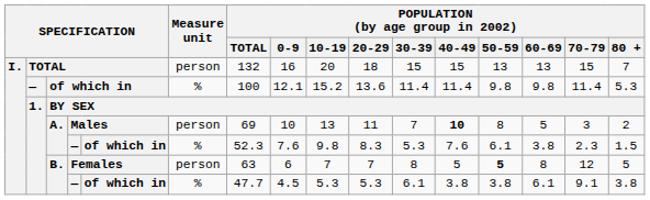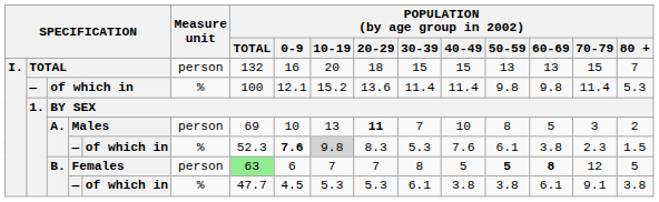 <table class="wikitable" style="font-size:85%; text-align:center">
 <tr>
 <th rowspan="2" colspan="5">SPECIFICATION</th>
 <th rowspan="2">Measure<br> unit</th>
 <th colspan="10" rowspan="1">POPULATION<br> (by age group in 2002)</th>
 </tr>
 <tr>
 <th>TOTAL</th>
 <th>0-9</th>
 <th>10-19</th>
 <th>20-29</th>
 <th>30-39</th>
 <th>40-49</th>
 <th>50-59</th>
 <th>60-69</th>
 <th>70-79</th>
 <th>80 +</th>
 </tr>
 <tr>
 <th style="text-align:left" valign="top" rowspan="7">I.</th>
 <th style="text-align:left" colspan="4">TOTAL</th>
 <td>person</td>
 <td>132</td>
 <td>16</td>
 <td>20</td>
 <td>18</td>
 <td>15</td>
 <td>15</td>
 <td>13</td>
 <td>13</td>
 <td>15</td>
 <td>7</td>
 </tr>
 <tr>
 <th style="text-align:left" valign="top">—</th>
 <th style="text-align:left" colspan="3">of which in</th>
 <td>%</td>
 <td>100</td>
 <td>12.1</td>
 <td>15.2</td>
 <td>13.6</td>
 <td>11.4</td>
 <td>11.4</td>
 <td>9.8</td>
 <td>9.8</td>
 <td>11.4</td>
 <td>5.3</td>
 </tr>
 <tr>
 <th style="text-align:left" valign="top" rowspan="5">1.</th>
 <th style="text-align:left" colspan="14">BY SEX</th>
 </tr>
 <tr>
 <th style="text-align:left" valign="top" rowspan="2">A.</th>
 <th style="text-align:left" colspan="2">Males</th>
 <td>person</td>
 <td>69</td>
 <td>10</td>
 <td>13</td>
-<td>11</td>
+<td><strong>11</strong></td>
 <td>7</td>
-<td><strong>10</strong></td>
+<td>10</td>
 <td>8</td>
 <td>5</td>
 <td>3</td>
 <td>2</td>
 </tr>
 <tr>
 <th style="text-align:left" valign="top">—</th>
 <th style="text-align:left" colspan="1">of which in</th>
 <td>%</td>
 <td>52.3</td>
-<td>7.6</td>
-<td>9.8</td>
+<td><strong>7.6</strong></td>
+<td style="background: lightgrey;">9.8</td>
 <td>8.3</td>
 <td>5.3</td>
 <td>7.6</td>
 <td>6.1</td>
 <td>3.8</td>
 <td>2.3</td>
 <td>1.5</td>
 </tr>
 <tr>
 <th style="text-align:left" valign="top" rowspan="2">B.</th>
 <th style="text-align:left" colspan="2">Females</th>
 <td>person</td>
-<td>63</td>
+<td style="background: lightgreen;">63</td>
 <td>6</td>
 <td>7</td>
 <td>7</td>
 <td>8</td>
 <td>5</td>
 <td><strong>5</strong></td>
-<td>8</td>
+<td><strong>8</strong></td>
 <td>12</td>
 <td>5</td>
 </tr>
 <tr>
 <th style="text-align:left" valign="top">—</th>
 <th style="text-align:left" colspan="1">of which in</th>
 <td>%</td>
 <td>47.7</td>
 <td>4.5</td>
 <td>5.3</td>
 <td>5.3</td>
 <td>6.1</td>
 <td>3.8</td>
 <td>3.8</td>
 <td>6.1</td>
 <td>9.1</td>
 <td>3.8</td>
 </tr>
 </table>
